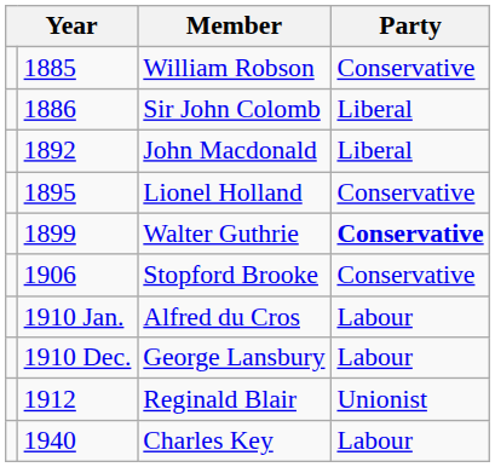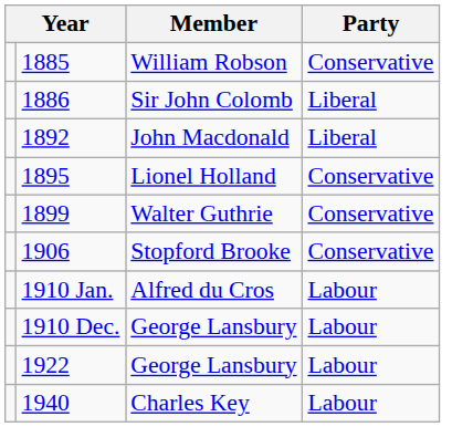 <table class="wikitable">
 <tr>
 <th colspan="2">Year</th>
 <th>Member</th>
 <th>Party</th>
 </tr>
 <tr>
 <td style="color:inherit;background-color: "></td>
 <td><a href='#'>1885</a></td>
 <td><a href='#'>William Robson</a></td>
 <td><a href='#'>Conservative</a></td>
 </tr>
 <tr>
 <td style="color:inherit;background-color: "></td>
 <td><a href='#'>1886</a></td>
 <td><a href='#'>Sir John Colomb</a></td>
 <td><a href='#'>Liberal</a></td>
 </tr>
 <tr>
 <td style="color:inherit;background-color: "></td>
 <td><a href='#'>1892</a></td>
 <td><a href='#'>John Macdonald</a></td>
 <td><a href='#'>Liberal</a></td>
 </tr>
 <tr>
 <td style="color:inherit;background-color: "></td>
 <td><a href='#'>1895</a></td>
 <td><a href='#'>Lionel Holland</a></td>
 <td><a href='#'>Conservative</a></td>
 </tr>
 <tr>
 <td style="color:inherit;background-color: "></td>
 <td><a href='#'>1899</a></td>
 <td><a href='#'>Walter Guthrie</a></td>
-<td><strong><a href='#'>Conservative</a></strong></td>
+<td><a href='#'>Conservative</a></td>
 </tr>
 <tr>
 <td style="color:inherit;background-color: "></td>
 <td><a href='#'>1906</a></td>
 <td><a href='#'>Stopford Brooke</a></td>
 <td><a href='#'>Conservative</a></td>
 </tr>
 <tr>
 <td style="color:inherit;background-color: "></td>
 <td><a href='#'>1910 Jan.</a></td>
 <td><a href='#'>Alfred du Cros</a></td>
 <td><a href='#'>Labour</a></td>
 </tr>
 <tr>
 <td style="color:inherit;background-color: "></td>
 <td><a href='#'>1910 Dec.</a></td>
 <td><a href='#'>George Lansbury</a></td>
 <td><a href='#'>Labour</a></td>
 </tr>
 <tr>
 <td style="color:inherit;background-color: "></td>
-<td><a href='#'>1912</a></td>
-<td><a href='#'>Reginald Blair</a></td>
-<td><a href='#'>Unionist</a></td>
+<td><a href='#'>1922</a></td>
+<td><a href='#'>George Lansbury</a></td>
+<td><a href='#'>Labour</a></td>
 </tr>
 <tr>
 <td style="color:inherit;background-color: "></td>
 <td><a href='#'>1940</a></td>
 <td><a href='#'>Charles Key</a></td>
 <td><a href='#'>Labour</a></td>
 </tr>
 </table>
